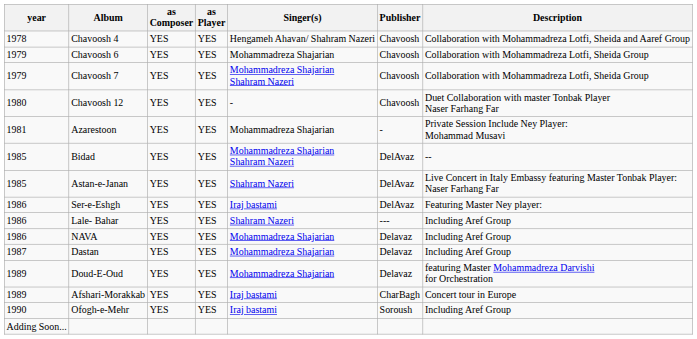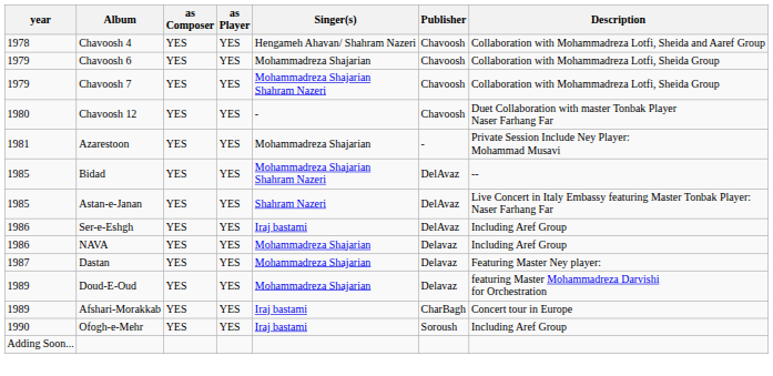 <table class="wikitable sortable">
 <tr>
 <th>year</th>
 <th>Album</th>
 <th colspan="1">as<br>Composer</th>
 <th>as<br>Player</th>
 <th>Singer(s)</th>
 <th>Publisher</th>
 <th>Description</th>
 </tr>
 <tr>
 <td>1978</td>
 <td>Chavoosh 4</td>
 <td>YES</td>
 <td>YES</td>
 <td>Hengameh Ahavan/ Shahram Nazeri</td>
 <td>Chavoosh</td>
 <td>Collaboration with Mohammadreza Lotfi, Sheida and Aaref Group</td>
 </tr>
 <tr>
 <td>1979</td>
 <td>Chavoosh 6</td>
 <td>YES</td>
 <td>YES</td>
 <td>Mohammadreza Shajarian</td>
 <td>Chavoosh</td>
 <td>Collaboration with Mohammadreza Lotfi, Sheida Group</td>
 </tr>
 <tr>
 <td>1979</td>
 <td>Chavoosh 7</td>
 <td>YES</td>
 <td>YES</td>
 <td><a href='#'>Mohammadreza Shajarian</a><br><a href='#'>Shahram Nazeri</a></td>
 <td>Chavoosh</td>
 <td>Collaboration with Mohammadreza Lotfi, Sheida  Group</td>
 </tr>
 <tr>
 <td>1980</td>
 <td>Chavoosh 12</td>
 <td>YES</td>
 <td>YES</td>
 <td>-</td>
 <td>Chavoosh</td>
 <td>Duet Collaboration with master Tonbak Player<br>Naser Farhang Far</td>
 </tr>
 <tr>
 <td>1981</td>
 <td>Azarestoon</td>
 <td>YES</td>
 <td>YES</td>
 <td>Mohammadreza Shajarian</td>
 <td>-</td>
 <td>Private Session Include Ney Player:<br>Mohammad Musavi</td>
 </tr>
 <tr>
 <td>1985</td>
 <td>‌Bidad</td>
 <td>YES</td>
 <td>YES</td>
 <td><a href='#'>Mohammadreza Shajarian</a><br><a href='#'>Shahram Nazeri</a></td>
 <td>DelAvaz</td>
 <td>--</td>
 </tr>
 <tr>
 <td>1985</td>
 <td>Astan-e-Janan</td>
 <td>YES</td>
 <td>YES</td>
 <td><a href='#'>Shahram Nazeri</a></td>
 <td>DelAvaz</td>
 <td>Live Concert in Italy Embassy featuring Master Tonbak Player:<br>Naser Farhang Far</td>
 </tr>
 <tr>
 <td>1986</td>
 <td>Ser-e-Eshgh</td>
 <td>YES</td>
 <td>YES</td>
 <td><a href='#'>Iraj bastami</a></td>
 <td>DelAvaz</td>
-<td>Featuring Master Ney player: </td>
-</tr>
-<tr>
-<td>1986</td>
-<td>Lale- Bahar</td>
-<td>YES</td>
-<td>YES</td>
-<td><a href='#'>Shahram Nazeri</a></td>
-<td>---</td>
 <td>Including Aref Group</td>
 </tr>
 <tr>
 <td>1986</td>
 <td>NAVA</td>
 <td>YES</td>
 <td>YES</td>
 <td><a href='#'>Mohammadreza Shajarian</a></td>
 <td>Delavaz</td>
 <td>Including Aref Group</td>
 </tr>
 <tr>
 <td>1987</td>
 <td>Dastan</td>
 <td>YES</td>
 <td>YES</td>
 <td><a href='#'>Mohammadreza Shajarian</a></td>
 <td>Delavaz</td>
-<td>Including Aref Group</td>
+<td>Featuring Master Ney player: </td>
 </tr>
 <tr>
 <td>1989</td>
 <td>Doud-E-Oud</td>
 <td>YES</td>
 <td>YES</td>
 <td><a href='#'>Mohammadreza Shajarian</a></td>
 <td>Delavaz</td>
 <td>featuring Master <a href='#'>Mohammadreza Darvishi</a><br>for Orchestration</td>
 </tr>
 <tr>
 <td>1989</td>
 <td>Afshari-Morakkab</td>
 <td>YES</td>
 <td>YES</td>
 <td><a href='#'>Iraj bastami</a></td>
 <td>CharBagh</td>
 <td>Concert tour in Europe</td>
 </tr>
 <tr>
 <td>1990</td>
 <td>Ofogh-e-Mehr</td>
 <td>YES</td>
 <td>YES</td>
 <td><a href='#'>Iraj bastami</a></td>
 <td>Soroush</td>
 <td>Including Aref Group</td>
 </tr>
 <tr>
 <td>Adding Soon...</td>
 <td></td>
 <td></td>
 <td></td>
 <td></td>
 <td></td>
 <td></td>
 </tr>
 </table>
